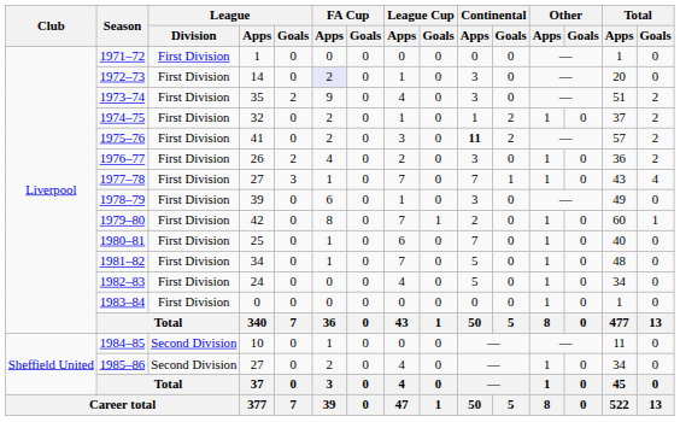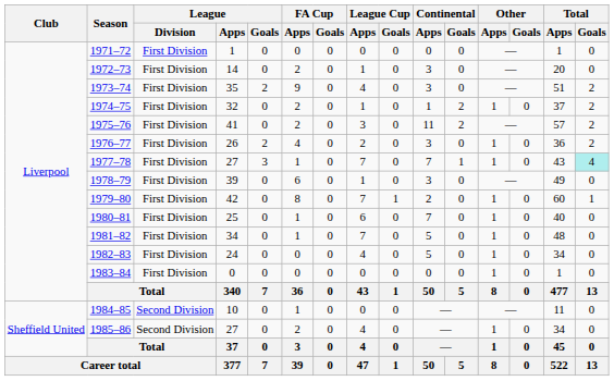 <table class="wikitable" style="text-align:center">
 <tr>
 <th rowspan="2">Club</th>
 <th rowspan="2">Season</th>
 <th colspan="3">League</th>
 <th colspan="2">FA Cup</th>
 <th colspan="2">League Cup</th>
 <th colspan="2">Continental</th>
 <th colspan="2">Other</th>
 <th colspan="2">Total</th>
 </tr>
 <tr>
 <th>Division</th>
 <th>Apps</th>
 <th>Goals</th>
 <th>Apps</th>
 <th>Goals</th>
 <th>Apps</th>
 <th>Goals</th>
 <th>Apps</th>
 <th>Goals</th>
 <th>Apps</th>
 <th>Goals</th>
 <th>Apps</th>
 <th>Goals</th>
 </tr>
 <tr>
 <td rowspan="14"><a href='#'>Liverpool</a></td>
 <td><a href='#'>1971–72</a></td>
 <td><a href='#'>First Division</a></td>
 <td>1</td>
 <td>0</td>
 <td>0</td>
 <td>0</td>
 <td>0</td>
 <td>0</td>
 <td>0</td>
 <td>0</td>
 <td colspan="2">—</td>
 <td>1</td>
 <td>0</td>
 </tr>
 <tr>
 <td><a href='#'>1972–73</a></td>
 <td>First Division</td>
 <td>14</td>
 <td>0</td>
-<td style="background: lavender;">2</td>
+<td>2</td>
 <td>0</td>
 <td>1</td>
 <td>0</td>
 <td>3</td>
 <td>0</td>
 <td colspan="2">—</td>
 <td>20</td>
 <td>0</td>
 </tr>
 <tr>
 <td><a href='#'>1973–74</a></td>
 <td>First Division</td>
 <td>35</td>
 <td>2</td>
 <td>9</td>
 <td>0</td>
 <td>4</td>
 <td>0</td>
 <td>3</td>
 <td>0</td>
 <td colspan="2">—</td>
 <td>51</td>
 <td>2</td>
 </tr>
 <tr>
 <td><a href='#'>1974–75</a></td>
 <td>First Division</td>
 <td>32</td>
 <td>0</td>
 <td>2</td>
 <td>0</td>
 <td>1</td>
 <td>0</td>
 <td>1</td>
 <td>2</td>
 <td>1</td>
 <td>0</td>
 <td>37</td>
 <td>2</td>
 </tr>
 <tr>
 <td><a href='#'>1975–76</a></td>
 <td>First Division</td>
 <td>41</td>
 <td>0</td>
 <td>2</td>
 <td>0</td>
 <td>3</td>
 <td>0</td>
-<td><strong>11</strong></td>
+<td>11</td>
 <td>2</td>
 <td colspan="2">—</td>
 <td>57</td>
 <td>2</td>
 </tr>
 <tr>
 <td><a href='#'>1976–77</a></td>
 <td>First Division</td>
 <td>26</td>
 <td>2</td>
 <td>4</td>
 <td>0</td>
 <td>2</td>
 <td>0</td>
 <td>3</td>
 <td>0</td>
 <td>1</td>
 <td>0</td>
 <td>36</td>
 <td>2</td>
 </tr>
 <tr>
 <td><a href='#'>1977–78</a></td>
 <td>First Division</td>
 <td>27</td>
 <td>3</td>
 <td>1</td>
 <td>0</td>
 <td>7</td>
 <td>0</td>
 <td>7</td>
 <td>1</td>
 <td>1</td>
 <td>0</td>
 <td>43</td>
-<td>4</td>
+<td style="background: paleturquoise;">4</td>
 </tr>
 <tr>
 <td><a href='#'>1978–79</a></td>
 <td>First Division</td>
 <td>39</td>
 <td>0</td>
 <td>6</td>
 <td>0</td>
 <td>1</td>
 <td>0</td>
 <td>3</td>
 <td>0</td>
 <td colspan=2>—</td>
 <td>49</td>
 <td>0</td>
 </tr>
 <tr>
 <td><a href='#'>1979–80</a></td>
 <td>First Division</td>
 <td>42</td>
 <td>0</td>
 <td>8</td>
 <td>0</td>
 <td>7</td>
 <td>1</td>
 <td>2</td>
 <td>0</td>
 <td>1</td>
 <td>0</td>
 <td>60</td>
 <td>1</td>
 </tr>
 <tr>
 <td><a href='#'>1980–81</a></td>
 <td>First Division</td>
 <td>25</td>
 <td>0</td>
 <td>1</td>
 <td>0</td>
 <td>6</td>
 <td>0</td>
 <td>7</td>
 <td>0</td>
 <td>1</td>
 <td>0</td>
 <td>40</td>
 <td>0</td>
 </tr>
 <tr>
 <td><a href='#'>1981–82</a></td>
 <td>First Division</td>
 <td>34</td>
 <td>0</td>
 <td>1</td>
 <td>0</td>
 <td>7</td>
 <td>0</td>
 <td>5</td>
 <td>0</td>
 <td>1</td>
 <td>0</td>
 <td>48</td>
 <td>0</td>
 </tr>
 <tr>
 <td><a href='#'>1982–83</a></td>
 <td>First Division</td>
 <td>24</td>
 <td>0</td>
 <td>0</td>
 <td>0</td>
 <td>4</td>
 <td>0</td>
 <td>5</td>
 <td>0</td>
 <td>1</td>
 <td>0</td>
 <td>34</td>
 <td>0</td>
 </tr>
 <tr>
 <td><a href='#'>1983–84</a></td>
 <td>First Division</td>
 <td>0</td>
 <td>0</td>
 <td>0</td>
 <td>0</td>
 <td>0</td>
 <td>0</td>
 <td>0</td>
 <td>0</td>
 <td>1</td>
 <td>0</td>
 <td>1</td>
 <td>0</td>
 </tr>
 <tr>
 <th colspan="2">Total</th>
 <th>340</th>
 <th>7</th>
 <th>36</th>
 <th>0</th>
 <th>43</th>
 <th>1</th>
 <th>50</th>
 <th>5</th>
 <th>8</th>
 <th>0</th>
 <th>477</th>
 <th>13</th>
 </tr>
 <tr>
 <td rowspan="3"><a href='#'>Sheffield United</a></td>
 <td><a href='#'>1984–85</a></td>
 <td><a href='#'>Second Division</a></td>
 <td>10</td>
 <td>0</td>
 <td>1</td>
 <td>0</td>
 <td>0</td>
 <td>0</td>
 <td colspan="2">—</td>
 <td colspan="2">—</td>
 <td>11</td>
 <td>0</td>
 </tr>
 <tr>
 <td><a href='#'>1985–86</a></td>
 <td>Second Division</td>
 <td>27</td>
 <td>0</td>
 <td>2</td>
 <td>0</td>
 <td>4</td>
 <td>0</td>
 <td colspan="2">—</td>
 <td>1</td>
 <td>0</td>
 <td>34</td>
 <td>0</td>
 </tr>
 <tr>
 <th colspan="2">Total</th>
 <th>37</th>
 <th>0</th>
 <th>3</th>
 <th>0</th>
 <th>4</th>
 <th>0</th>
 <th colspan="2">—</th>
 <th>1</th>
 <th>0</th>
 <th>45</th>
 <th>0</th>
 </tr>
 <tr>
 <th colspan="3">Career total</th>
 <th>377</th>
 <th>7</th>
 <th>39</th>
 <th>0</th>
 <th>47</th>
 <th>1</th>
 <th>50</th>
 <th>5</th>
 <th>8</th>
 <th>0</th>
 <th>522</th>
 <th>13</th>
 </tr>
 </table>
